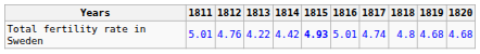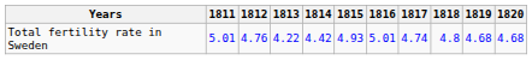 <table class="wikitable " style="text-align:right">
 <tr>
 <th>Years</th>
 <th>1811</th>
 <th>1812</th>
 <th>1813</th>
 <th>1814</th>
 <th>1815</th>
 <th>1816</th>
 <th>1817</th>
 <th>1818</th>
 <th>1819</th>
 <th>1820</th>
 </tr>
 <tr>
 <td style="text-align:left;">Total fertility rate in Sweden</td>
 <td style="text-align:right; color:blue;">5.01</td>
 <td style="text-align:right; color:blue;">4.76</td>
 <td style="text-align:right; color:blue;">4.22</td>
 <td style="text-align:right; color:blue;">4.42</td>
-<td style="text-align:right; color:blue;"><strong>4.93</strong></td>
+<td style="text-align:right; color:blue;">4.93</td>
 <td style="text-align:right; color:blue;">5.01</td>
 <td style="text-align:right; color:blue;">4.74</td>
 <td style="text-align:right; color:blue;">4.8</td>
 <td style="text-align:right; color:blue;">4.68</td>
 <td style="text-align:right; color:blue;">4.68</td>
 </tr>
 </table>
